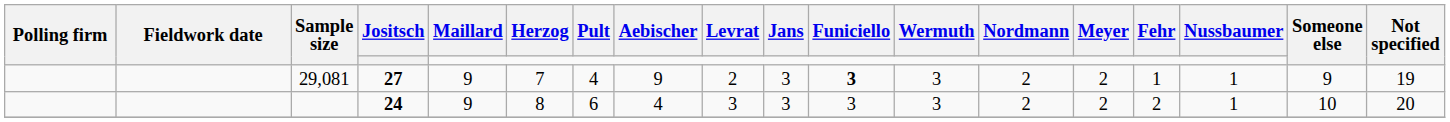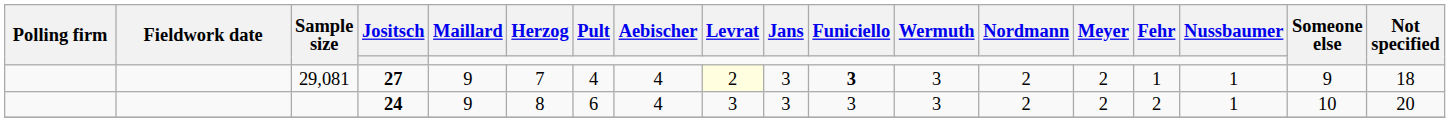 <table class="wikitable" style="text-align:center;font-size:90%;line-height:14px;">
 <tr style="height:40px;">
 <th style="width:80px;" rowspan="2">Polling firm</th>
 <th style="width:130px;" rowspan="2">Fieldwork date</th>
 <th style="width:35px;" rowspan="2">Sample<br>size</th>
 <th><a href='#'>Jositsch</a></th>
 <th><a href='#'>Maillard</a></th>
 <th><a href='#'>Herzog</a></th>
 <th><a href='#'>Pult</a></th>
 <th><a href='#'>Aebischer</a></th>
 <th><a href='#'>Levrat</a></th>
 <th><a href='#'>Jans</a></th>
 <th><a href='#'>Funiciello</a></th>
 <th><a href='#'>Wermuth</a></th>
 <th><a href='#'>Nordmann</a></th>
 <th><a href='#'>Meyer</a></th>
 <th><a href='#'>Fehr</a></th>
 <th><a href='#'>Nussbaumer</a></th>
 <th rowspan=2>Someone<br>else</th>
 <th rowspan=2>Not<br>specified</th>
 </tr>
 <tr>
 <th style="background:"></th>
 </tr>
 <tr>
 <td></td>
 <td></td>
 <td>29,081</td>
 <td style="background:#"><strong>27</strong></td>
 <td>9</td>
 <td>7</td>
 <td>4</td>
-<td>9</td>
-<td>2</td>
+<td>4</td>
+<td style="background: lightyellow;">2</td>
 <td>3</td>
 <td><strong>3</strong></td>
 <td>3</td>
 <td>2</td>
 <td>2</td>
 <td>1</td>
 <td>1</td>
 <td>9</td>
-<td>19</td>
+<td>18</td>
 </tr>
 <tr>
 <td></td>
 <td></td>
 <td></td>
 <td style="background:#"><strong>24</strong></td>
 <td>9</td>
 <td>8</td>
 <td>6</td>
 <td>4</td>
 <td>3</td>
 <td>3</td>
 <td>3</td>
 <td>3</td>
 <td>2</td>
 <td>2</td>
 <td>2</td>
 <td>1</td>
 <td>10</td>
 <td>20</td>
 </tr>
 <tr>
 </tr>
 </table>
